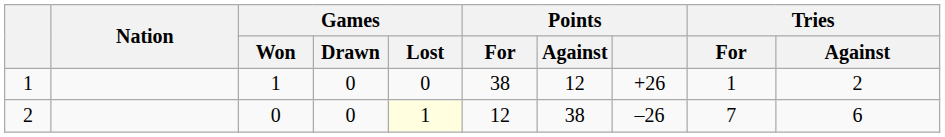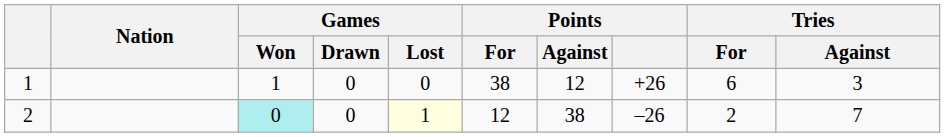 <table class="wikitable">
 <tr>
 <th rowspan="2" style="width:5%;"></th>
 <th rowspan="2" style="width:20%;">Nation</th>
 <th colspan="3">Games</th>
 <th colspan="3" style="width:18%;">Points</th>
 <th colspan="2">Tries</th>
 </tr>
 <tr>
 <th style="width:8%;">Won</th>
 <th style="width:8%;">Drawn</th>
 <th style="width:8%;">Lost</th>
 <th style="width:8%;">For</th>
 <th style="width:8%;">Against</th>
 <th style="width:8%;"></th>
 <th>For</th>
 <th>Against</th>
 </tr>
 <tr align="center">
 <td>1</td>
 <td align="left"></td>
 <td>1</td>
 <td>0</td>
 <td>0</td>
 <td>38</td>
 <td>12</td>
 <td>+26</td>
-<td>1</td>
-<td>2</td>
+<td>6</td>
+<td>3</td>
 </tr>
 <tr align="center">
 <td>2</td>
 <td align="left"></td>
-<td>0</td>
+<td style="background: paleturquoise;">0</td>
 <td>0</td>
 <td style="background: lightyellow;">1</td>
 <td>12</td>
 <td>38</td>
 <td>–26</td>
+<td>2</td>
 <td>7</td>
-<td>6</td>
 </tr>
 </table>
